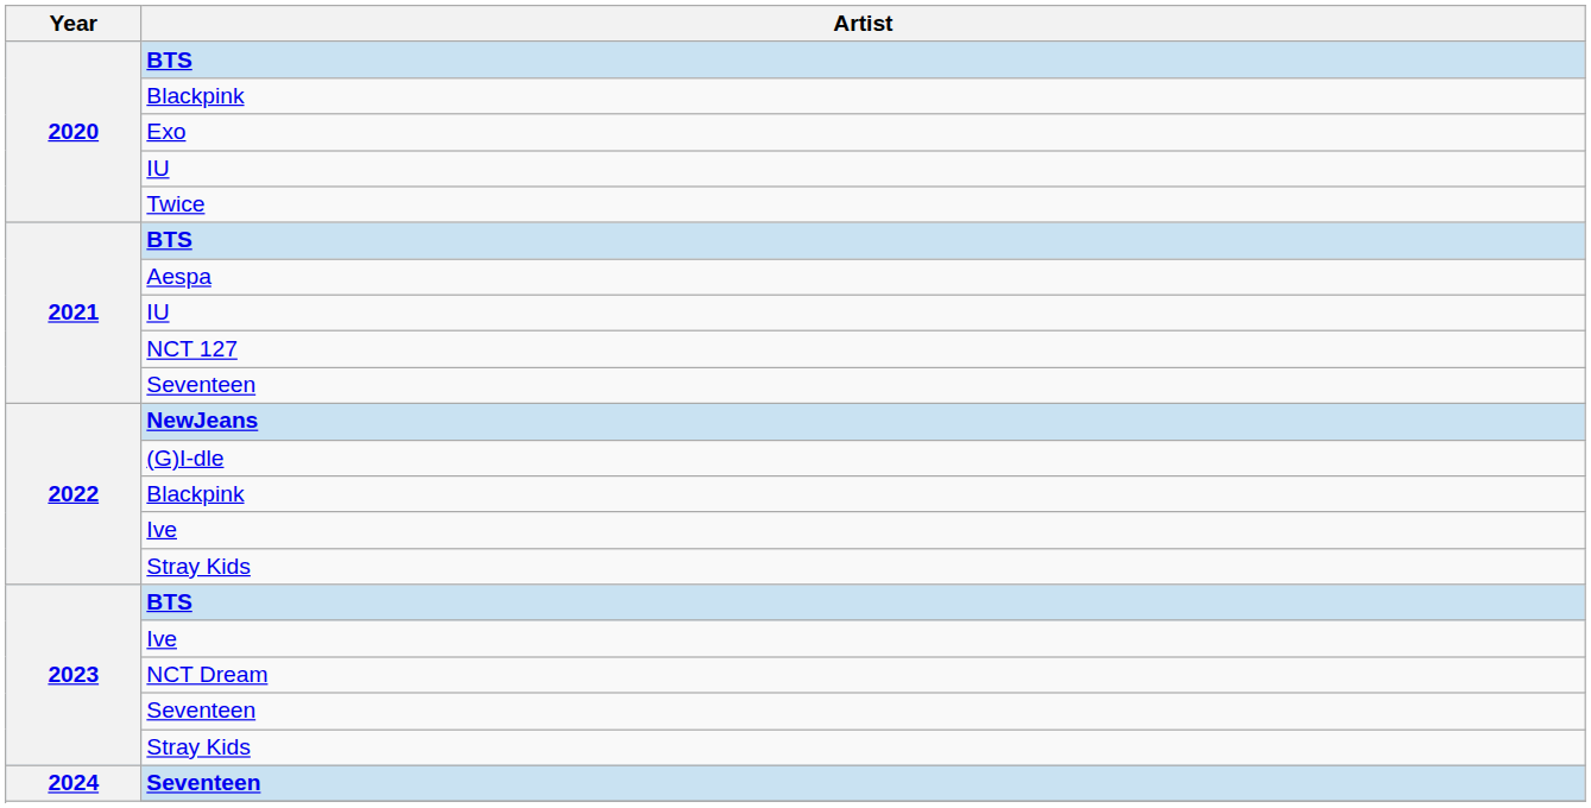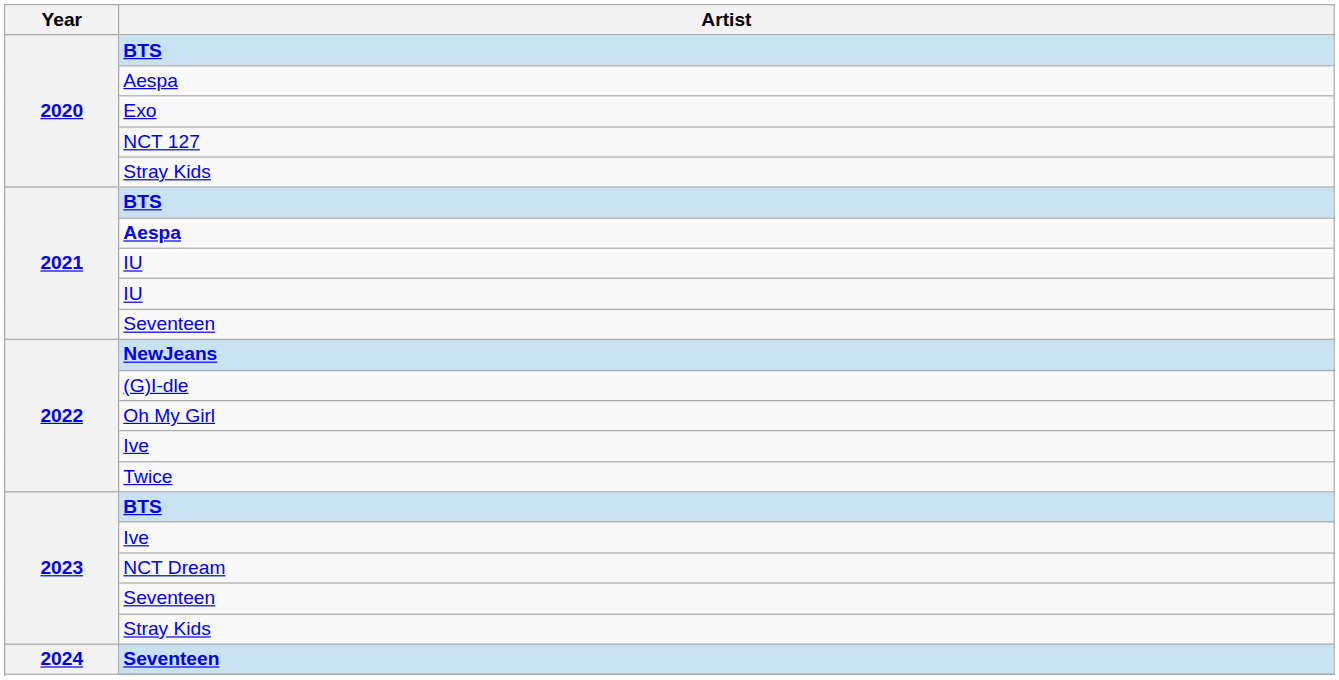 <table class="wikitable" width="70%">
 <tr>
 <th width="8%">Year</th>
 <th width="85%">Artist</th>
 </tr>
 <tr style="background:#c9e2f2">
 <th rowspan="5"><a href='#'>2020</a></th>
 <td><strong><a href='#'>BTS</a></strong></td>
 </tr>
 <tr>
-<td><a href='#'>Blackpink</a></td>
+<td><a href='#'>Aespa</a></td>
 </tr>
 <tr>
 <td><a href='#'>Exo</a></td>
 </tr>
 <tr>
-<td><a href='#'>IU</a></td>
+<td><a href='#'>NCT 127</a></td>
 </tr>
 <tr>
-<td><a href='#'>Twice</a></td>
+<td><a href='#'>Stray Kids</a></td>
 </tr>
 <tr style="background:#c9e2f2">
 <th rowspan="5"><a href='#'>2021</a></th>
 <td><strong><a href='#'>BTS</a></strong></td>
 </tr>
 <tr>
-<td><a href='#'>Aespa</a></td>
+<td><strong><a href='#'>Aespa</a></strong></td>
 </tr>
 <tr>
 <td><a href='#'>IU</a></td>
 </tr>
 <tr>
-<td><a href='#'>NCT 127</a></td>
+<td><a href='#'>IU</a></td>
 </tr>
 <tr>
 <td><a href='#'>Seventeen</a></td>
 </tr>
 <tr style="background:#c9e2f2">
 <th rowspan="5"><a href='#'>2022</a></th>
 <td><strong><a href='#'>NewJeans</a></strong></td>
 </tr>
 <tr>
 <td><a href='#'>(G)I-dle</a></td>
 </tr>
 <tr>
-<td><a href='#'>Blackpink</a></td>
+<td><a href='#'>Oh My Girl</a></td>
 </tr>
 <tr>
 <td><a href='#'>Ive</a></td>
 </tr>
 <tr>
-<td><a href='#'>Stray Kids</a></td>
+<td><a href='#'>Twice</a></td>
 </tr>
 <tr style="background:#c9e2f2">
 <th rowspan="5"><a href='#'>2023</a></th>
 <td><strong><a href='#'>BTS</a></strong></td>
 </tr>
 <tr>
 <td><a href='#'>Ive</a></td>
 </tr>
 <tr>
 <td><a href='#'>NCT Dream</a></td>
 </tr>
 <tr>
 <td><a href='#'>Seventeen</a></td>
 </tr>
 <tr>
 <td><a href='#'>Stray Kids</a></td>
 </tr>
 <tr style="background:#c9e2f2">
 <th rowspan="5"><a href='#'>2024</a></th>
 <td><a href='#'><strong>Seventeen</strong></a></td>
 </tr>
 <tr>
 </tr>
 </table>
